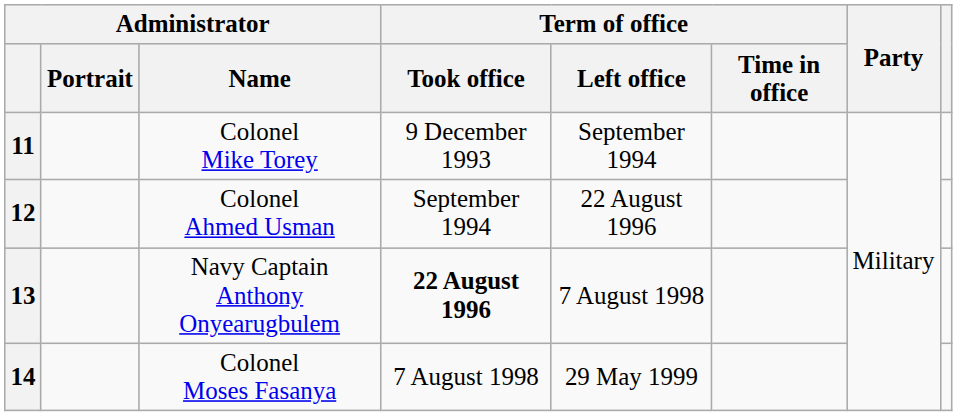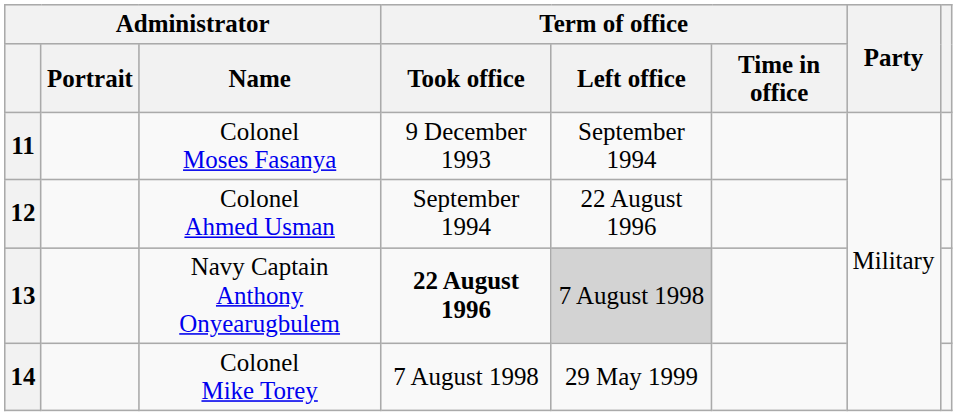 <table class="wikitable" style="text-align:center">
 <tr>
 <th colspan=3>Administrator</th>
 <th colspan=3>Term of office</th>
 <th rowspan=2>Party</th>
 <th rowspan=2></th>
 </tr>
 <tr>
 <th></th>
 <th>Portrait</th>
 <th>Name<br></th>
 <th>Took office</th>
 <th>Left office</th>
 <th>Time in office</th>
 </tr>
 <tr>
 <th style="background:">11</th>
 <td></td>
-<td>Colonel<br><a href='#'>Mike Torey</a><br></td>
+<td>Colonel<br><a href='#'>Moses Fasanya</a></td>
 <td>9 December 1993</td>
 <td>September 1994</td>
 <td></td>
 <td rowspan="4">Military</td>
 <td></td>
 </tr>
 <tr>
 <th style="background:">12</th>
 <td></td>
 <td>Colonel<br><a href='#'>Ahmed Usman</a><br></td>
 <td>September 1994</td>
 <td>22 August 1996</td>
 <td></td>
 <td></td>
 </tr>
 <tr>
 <th style="background:">13</th>
 <td></td>
 <td>Navy Captain<br><a href='#'>Anthony Onyearugbulem</a><br></td>
 <td><strong>22 August 1996</strong></td>
-<td>7 August 1998</td>
+<td style="background: lightgrey;">7 August 1998</td>
 <td></td>
 <td></td>
 </tr>
 <tr>
 <th style="background:">14</th>
 <td></td>
-<td>Colonel<br><a href='#'>Moses Fasanya</a></td>
+<td>Colonel<br><a href='#'>Mike Torey</a><br></td>
 <td>7 August 1998</td>
 <td>29 May 1999</td>
 <td></td>
 <td></td>
 </tr>
 </table>
